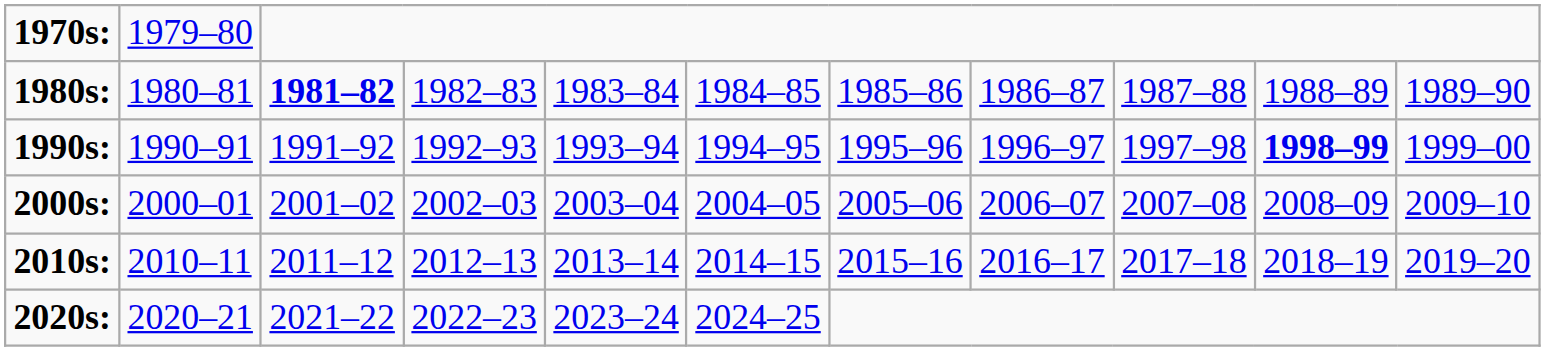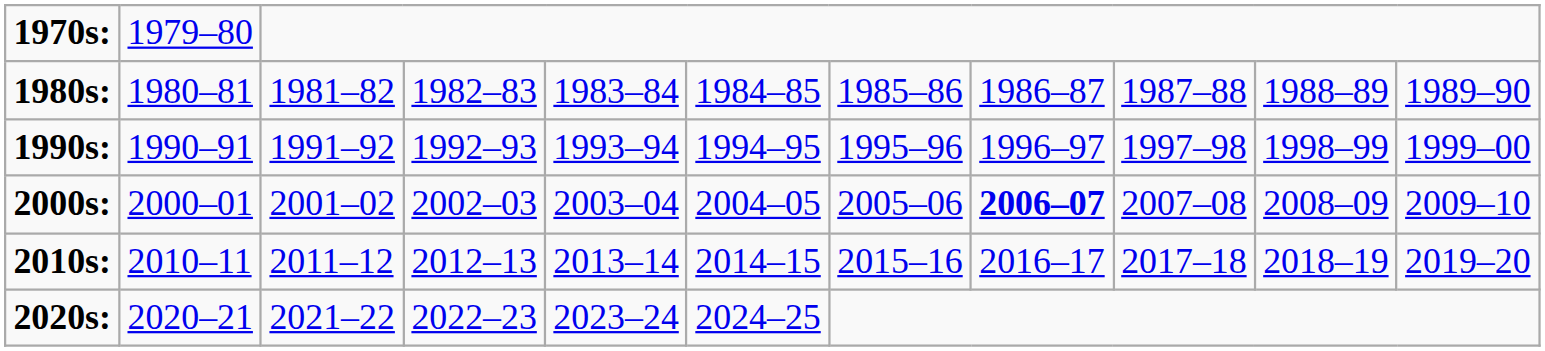 <table class="wikitable">
 <tr>
 <td><strong>1970s:</strong></td>
 <td><a href='#'>1979–80</a></td>
 </tr>
 <tr>
 <td><strong>1980s:</strong></td>
 <td><a href='#'>1980–81</a></td>
-<td><strong><a href='#'>1981–82</a></strong></td>
+<td><a href='#'>1981–82</a></td>
 <td><a href='#'>1982–83</a></td>
 <td><a href='#'>1983–84</a></td>
 <td><a href='#'>1984–85</a></td>
 <td><a href='#'>1985–86</a></td>
 <td><a href='#'>1986–87</a></td>
 <td><a href='#'>1987–88</a></td>
 <td><a href='#'>1988–89</a></td>
 <td><a href='#'>1989–90</a></td>
 </tr>
 <tr>
 <td><strong>1990s:</strong></td>
 <td><a href='#'>1990–91</a></td>
 <td><a href='#'>1991–92</a></td>
 <td><a href='#'>1992–93</a></td>
 <td><a href='#'>1993–94</a></td>
 <td><a href='#'>1994–95</a></td>
 <td><a href='#'>1995–96</a></td>
 <td><a href='#'>1996–97</a></td>
 <td><a href='#'>1997–98</a></td>
-<td><strong><a href='#'>1998–99</a></strong></td>
+<td><a href='#'>1998–99</a></td>
 <td><a href='#'>1999–00</a></td>
 </tr>
 <tr>
 <td><strong>2000s:</strong></td>
 <td><a href='#'>2000–01</a></td>
 <td><a href='#'>2001–02</a></td>
 <td><a href='#'>2002–03</a></td>
 <td><a href='#'>2003–04</a></td>
 <td><a href='#'>2004–05</a></td>
 <td><a href='#'>2005–06</a></td>
-<td><a href='#'>2006–07</a></td>
+<td><strong><a href='#'>2006–07</a></strong></td>
 <td><a href='#'>2007–08</a></td>
 <td><a href='#'>2008–09</a></td>
 <td><a href='#'>2009–10</a></td>
 </tr>
 <tr>
 <td><strong>2010s:</strong></td>
 <td><a href='#'>2010–11</a></td>
 <td><a href='#'>2011–12</a></td>
 <td><a href='#'>2012–13</a></td>
 <td><a href='#'>2013–14</a></td>
 <td><a href='#'>2014–15</a></td>
 <td><a href='#'>2015–16</a></td>
 <td><a href='#'>2016–17</a></td>
 <td><a href='#'>2017–18</a></td>
 <td><a href='#'>2018–19</a></td>
 <td><a href='#'>2019–20</a></td>
 </tr>
 <tr>
 <td><strong>2020s:</strong></td>
 <td><a href='#'>2020–21</a></td>
 <td><a href='#'>2021–22</a></td>
 <td><a href='#'>2022–23</a></td>
 <td><a href='#'>2023–24</a></td>
 <td><a href='#'>2024–25</a></td>
 </tr>
 </table>
